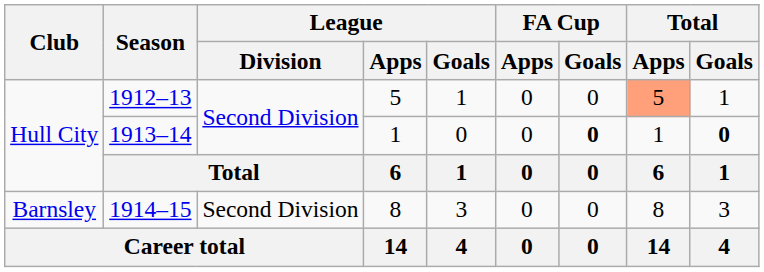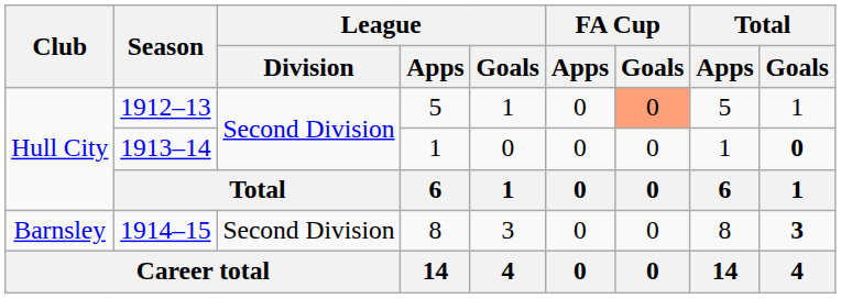 <table class="wikitable" style="text-align: center;">
 <tr>
 <th rowspan="2">Club</th>
 <th rowspan="2">Season</th>
 <th colspan="3">League</th>
 <th colspan="2">FA Cup</th>
 <th colspan="2">Total</th>
 </tr>
 <tr>
 <th>Division</th>
 <th>Apps</th>
 <th>Goals</th>
 <th>Apps</th>
 <th>Goals</th>
 <th>Apps</th>
 <th>Goals</th>
 </tr>
 <tr>
 <td rowspan="3"><a href='#'>Hull City</a></td>
 <td><a href='#'>1912–13</a></td>
 <td rowspan="2"><a href='#'>Second Division</a></td>
 <td>5</td>
 <td>1</td>
 <td>0</td>
-<td>0</td>
-<td style="background: lightsalmon;">5</td>
+<td style="background: lightsalmon;">0</td>
+<td>5</td>
 <td>1</td>
 </tr>
 <tr>
 <td><a href='#'>1913–14</a></td>
 <td>1</td>
 <td>0</td>
 <td>0</td>
-<td><strong>0</strong></td>
+<td>0</td>
 <td>1</td>
 <td><strong>0</strong></td>
 </tr>
 <tr>
 <th colspan="2">Total</th>
 <th>6</th>
 <th>1</th>
 <th>0</th>
 <th>0</th>
 <th>6</th>
 <th>1</th>
 </tr>
 <tr>
 <td><a href='#'>Barnsley</a></td>
 <td><a href='#'>1914–15</a></td>
 <td>Second Division</td>
 <td>8</td>
 <td>3</td>
 <td>0</td>
 <td>0</td>
 <td>8</td>
-<td>3</td>
+<td><strong>3</strong></td>
 </tr>
 <tr>
 <th colspan="3">Career total</th>
 <th>14</th>
 <th>4</th>
 <th>0</th>
 <th>0</th>
 <th>14</th>
 <th>4</th>
 </tr>
 </table>
